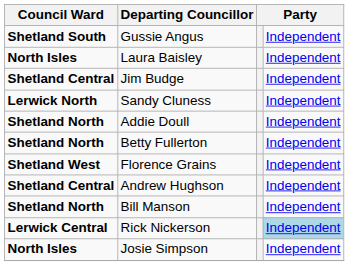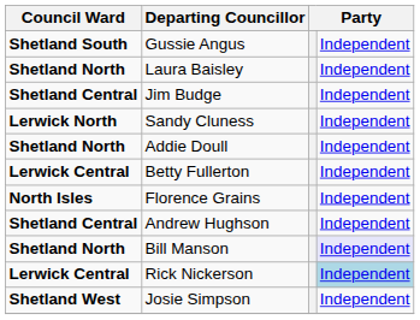 <table class="wikitable sortable">
 <tr>
 <th>Council Ward</th>
 <th>Departing Councillor</th>
 <th colspan="2">Party</th>
 </tr>
 <tr>
 <td><strong>Shetland South</strong></td>
 <td>Gussie Angus</td>
 <th style="background-color: "></th>
 <td><a href='#'>Independent</a></td>
 </tr>
 <tr>
-<td><strong>North Isles</strong></td>
+<td><strong>Shetland North</strong></td>
 <td>Laura Baisley</td>
 <th style="background-color: "></th>
 <td><a href='#'>Independent</a></td>
 </tr>
 <tr>
 <td><strong>Shetland Central</strong></td>
 <td>Jim Budge</td>
 <th style="background-color: "></th>
 <td><a href='#'>Independent</a></td>
 </tr>
 <tr>
 <td><strong>Lerwick North</strong></td>
 <td>Sandy Cluness</td>
 <th style="background-color: "></th>
 <td><a href='#'>Independent</a></td>
 </tr>
 <tr>
 <td><strong>Shetland North</strong></td>
 <td>Addie Doull</td>
 <th style="background-color: "></th>
 <td><a href='#'>Independent</a></td>
 </tr>
 <tr>
-<td><strong>Shetland North</strong></td>
+<td><strong>Lerwick Central</strong></td>
 <td>Betty Fullerton</td>
 <th style="background-color: "></th>
 <td><a href='#'>Independent</a></td>
 </tr>
 <tr>
-<td><strong>Shetland West</strong></td>
+<td><strong>North Isles</strong></td>
 <td>Florence Grains</td>
 <th style="background-color: "></th>
 <td><a href='#'>Independent</a></td>
 </tr>
 <tr>
 <td><strong>Shetland Central</strong></td>
 <td>Andrew Hughson</td>
 <th style="background-color: "></th>
 <td><a href='#'>Independent</a></td>
 </tr>
 <tr>
 <td><strong>Shetland North</strong></td>
 <td>Bill Manson</td>
 <th style="background-color: "></th>
-<td><a href='#'>Independent</a></td>
+<td style="background: lavender;"><a href='#'>Independent</a></td>
 </tr>
 <tr>
 <td><strong>Lerwick Central</strong></td>
 <td>Rick Nickerson</td>
 <th style="background-color: "></th>
 <td style="background: lightblue;"><a href='#'>Independent</a></td>
 </tr>
 <tr>
-<td><strong>North Isles</strong></td>
+<td><strong>Shetland West</strong></td>
 <td>Josie Simpson</td>
 <th style="background-color: "></th>
 <td><a href='#'>Independent</a></td>
 </tr>
 <tr>
 </tr>
 </table>
